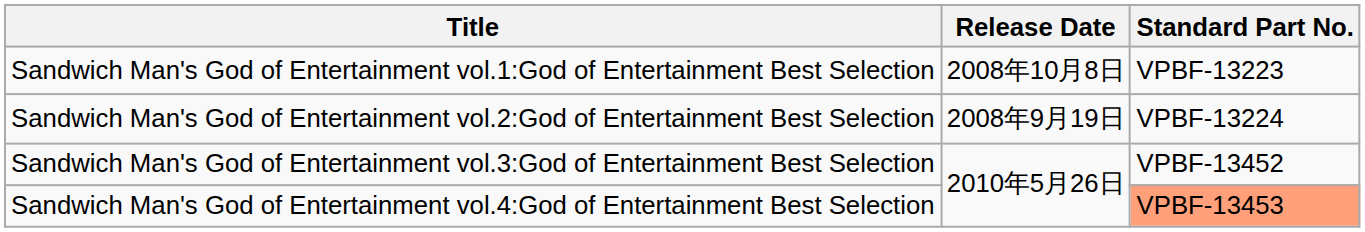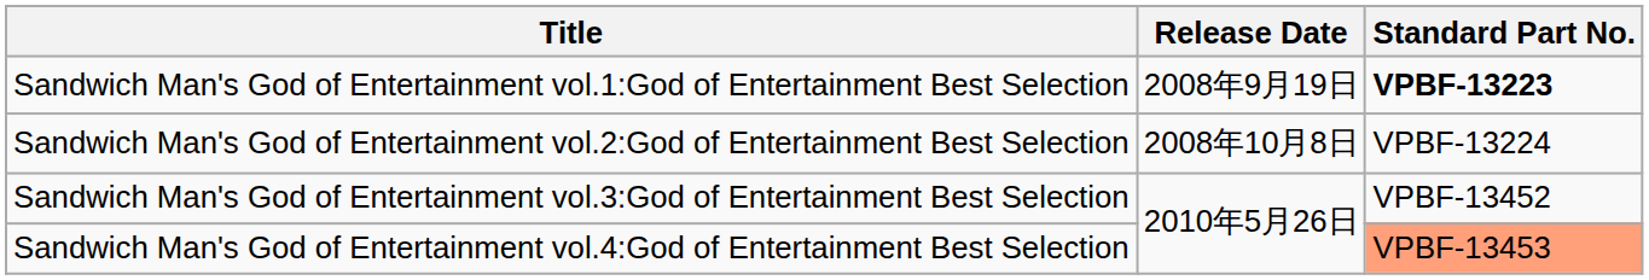 <table class="wikitable" style="text-align:left;font-size:small;">
 <tr>
 <th>Title</th>
 <th>Release Date</th>
 <th>Standard Part No.</th>
 </tr>
 <tr>
 <td>Sandwich Man's God of Entertainment vol.1:God of Entertainment Best Selection</td>
-<td>2008年10月8日</td>
-<td>VPBF-13223</td>
+<td>2008年9月19日</td>
+<td><strong>VPBF-13223</strong></td>
 </tr>
 <tr>
 <td>Sandwich Man's God of Entertainment vol.2:God of Entertainment Best Selection</td>
-<td>2008年9月19日</td>
+<td>2008年10月8日</td>
 <td>VPBF-13224</td>
 </tr>
 <tr>
 <td>Sandwich Man's God of Entertainment vol.3:God of Entertainment Best Selection</td>
 <td rowspan="2">2010年5月26日</td>
 <td>VPBF-13452</td>
 </tr>
 <tr>
 <td>Sandwich Man's God of Entertainment vol.4:God of Entertainment Best Selection</td>
 <td style="background: lightsalmon;">VPBF-13453</td>
 </tr>
 </table>
